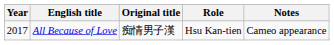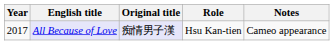 <table class="wikitable sortable">
 <tr>
 <th>Year</th>
 <th>English title</th>
 <th>Original title</th>
 <th>Role</th>
 <th class="unsortable">Notes</th>
 </tr>
 <tr>
 <td>2017</td>
-<td><em><a href='#'>All Because of Love</a></em></td>
-<td>痴情男子漢</td>
+<td style="background: lavender;"><em><a href='#'>All Because of Love</a></em></td>
+<td style="background: lavender;">痴情男子漢</td>
 <td>Hsu Kan-tien</td>
 <td>Cameo appearance</td>
 </tr>
 </table>
